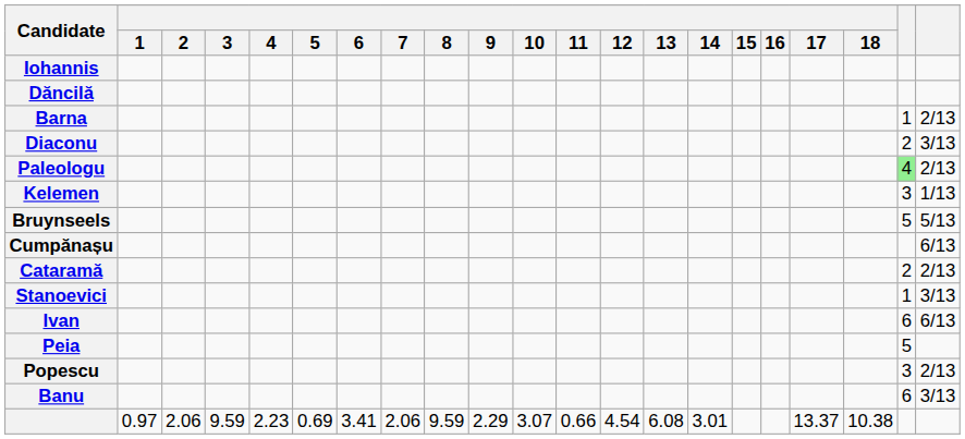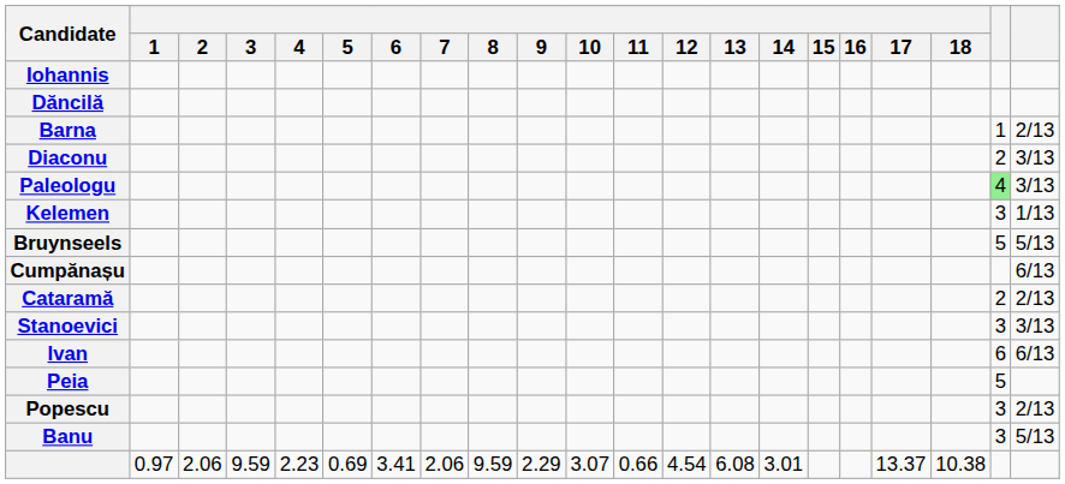 <table class="wikitable sortable" style="text-align:center;font-size:95%;line-height:14px;">
 <tr>
 <th rowspan="3">Candidate</th>
 </tr>
 <tr>
 <th colspan="18" style="color:black; vertical-align:top; text-align:center;" class="table-no"><br> </th>
 <th rowspan="2"></th>
 <th rowspan="2"></th>
 </tr>
 <tr>
 <th>1</th>
 <th>2</th>
 <th>3</th>
 <th>4</th>
 <th>5</th>
 <th>6</th>
 <th>7</th>
 <th>8</th>
 <th>9</th>
 <th>10</th>
 <th>11</th>
 <th>12</th>
 <th>13</th>
 <th>14</th>
 <th>15</th>
 <th>16</th>
 <th>17</th>
 <th>18</th>
 </tr>
 <tr>
 <th><a href='#'>Iohannis</a></th>
 <td></td>
 <td></td>
 <td></td>
 <td></td>
 <td></td>
 <td></td>
 <td></td>
 <td></td>
 <td></td>
 <td></td>
 <td></td>
 <td></td>
 <td></td>
 <td></td>
 <td></td>
 <td></td>
 <td></td>
 <td></td>
 <td></td>
 <td></td>
 </tr>
 <tr>
 <th><a href='#'>Dăncilă</a></th>
 <td></td>
 <td></td>
 <td></td>
 <td></td>
 <td></td>
 <td></td>
 <td></td>
 <td></td>
 <td></td>
 <td></td>
 <td></td>
 <td></td>
 <td></td>
 <td></td>
 <td></td>
 <td></td>
 <td></td>
 <td></td>
 <td></td>
 <td></td>
 </tr>
 <tr>
 <th><a href='#'>Barna</a></th>
 <td></td>
 <td></td>
 <td></td>
 <td></td>
 <td></td>
 <td></td>
 <td></td>
 <td></td>
 <td></td>
 <td></td>
 <td></td>
 <td></td>
 <td></td>
 <td></td>
 <td></td>
 <td></td>
 <td></td>
 <td></td>
 <td>1</td>
 <td>2/13</td>
 </tr>
 <tr>
 <th><a href='#'>Diaconu</a></th>
 <td></td>
 <td></td>
 <td></td>
 <td></td>
 <td></td>
 <td></td>
 <td></td>
 <td></td>
 <td></td>
 <td></td>
 <td></td>
 <td></td>
 <td></td>
 <td></td>
 <td></td>
 <td></td>
 <td></td>
 <td></td>
 <td>2</td>
 <td>3/13</td>
 </tr>
 <tr>
 <th><a href='#'>Paleologu</a></th>
 <td></td>
 <td></td>
 <td></td>
 <td></td>
 <td></td>
 <td></td>
 <td></td>
 <td></td>
 <td></td>
 <td></td>
 <td></td>
 <td></td>
 <td></td>
 <td></td>
 <td></td>
 <td></td>
 <td></td>
 <td></td>
 <td style="background: lightgreen;">4</td>
-<td>2/13</td>
+<td>3/13</td>
 </tr>
 <tr>
 <th><a href='#'>Kelemen</a></th>
 <td></td>
 <td></td>
 <td></td>
 <td></td>
 <td></td>
 <td></td>
 <td></td>
 <td></td>
 <td></td>
 <td></td>
 <td></td>
 <td></td>
 <td></td>
 <td></td>
 <td></td>
 <td></td>
 <td></td>
 <td></td>
 <td>3</td>
 <td>1/13</td>
 </tr>
 <tr>
 <th>Bruynseels</th>
 <td></td>
 <td></td>
 <td></td>
 <td></td>
 <td></td>
 <td></td>
 <td></td>
 <td></td>
 <td></td>
 <td></td>
 <td></td>
 <td></td>
 <td></td>
 <td></td>
 <td></td>
 <td></td>
 <td></td>
 <td></td>
 <td>5</td>
 <td>5/13</td>
 </tr>
 <tr>
 <th>Cumpănașu</th>
 <td></td>
 <td></td>
 <td></td>
 <td></td>
 <td></td>
 <td></td>
 <td></td>
 <td></td>
 <td></td>
 <td></td>
 <td></td>
 <td></td>
 <td></td>
 <td></td>
 <td></td>
 <td></td>
 <td></td>
 <td></td>
 <td></td>
 <td>6/13</td>
 </tr>
 <tr>
 <th><a href='#'>Cataramă</a></th>
 <td></td>
 <td></td>
 <td></td>
 <td></td>
 <td></td>
 <td></td>
 <td></td>
 <td></td>
 <td></td>
 <td></td>
 <td></td>
 <td></td>
 <td></td>
 <td></td>
 <td></td>
 <td></td>
 <td></td>
 <td></td>
 <td>2</td>
 <td>2/13</td>
 </tr>
 <tr>
 <th><a href='#'>Stanoevici</a></th>
 <td></td>
 <td></td>
 <td></td>
 <td></td>
 <td></td>
 <td></td>
 <td></td>
 <td></td>
 <td></td>
 <td></td>
 <td></td>
 <td></td>
 <td></td>
 <td></td>
 <td></td>
 <td></td>
 <td></td>
 <td></td>
-<td>1</td>
+<td>3</td>
 <td>3/13</td>
 </tr>
 <tr>
 <th><a href='#'>Ivan</a></th>
 <td></td>
 <td></td>
 <td></td>
 <td></td>
 <td></td>
 <td></td>
 <td></td>
 <td></td>
 <td></td>
 <td></td>
 <td></td>
 <td></td>
 <td></td>
 <td></td>
 <td></td>
 <td></td>
 <td></td>
 <td></td>
 <td>6</td>
 <td>6/13</td>
 </tr>
 <tr>
 <th><a href='#'>Peia</a></th>
 <td></td>
 <td></td>
 <td></td>
 <td></td>
 <td></td>
 <td></td>
 <td></td>
 <td></td>
 <td></td>
 <td></td>
 <td></td>
 <td></td>
 <td></td>
 <td></td>
 <td></td>
 <td></td>
 <td></td>
 <td></td>
 <td>5</td>
 <td></td>
 </tr>
 <tr>
 <th>Popescu</th>
 <td></td>
 <td></td>
 <td></td>
 <td></td>
 <td></td>
 <td></td>
 <td></td>
 <td></td>
 <td></td>
 <td></td>
 <td></td>
 <td></td>
 <td></td>
 <td></td>
 <td></td>
 <td></td>
 <td></td>
 <td></td>
 <td>3</td>
 <td>2/13</td>
 </tr>
 <tr>
 <th><a href='#'>Banu</a></th>
 <td></td>
 <td></td>
 <td></td>
 <td></td>
 <td></td>
 <td></td>
 <td></td>
 <td></td>
 <td></td>
 <td></td>
 <td></td>
 <td></td>
 <td></td>
 <td></td>
 <td></td>
 <td></td>
 <td></td>
 <td></td>
-<td>6</td>
-<td>3/13</td>
+<td>3</td>
+<td>5/13</td>
 </tr>
 <tr>
 <th></th>
 <td>0.97</td>
 <td>2.06</td>
 <td>9.59</td>
 <td>2.23</td>
 <td>0.69</td>
 <td>3.41</td>
 <td>2.06</td>
 <td>9.59</td>
 <td>2.29</td>
 <td>3.07</td>
 <td>0.66</td>
 <td>4.54</td>
 <td>6.08</td>
 <td>3.01</td>
 <td></td>
 <td></td>
 <td>13.37</td>
 <td>10.38</td>
 <td></td>
 <td></td>
 </tr>
 </table>
